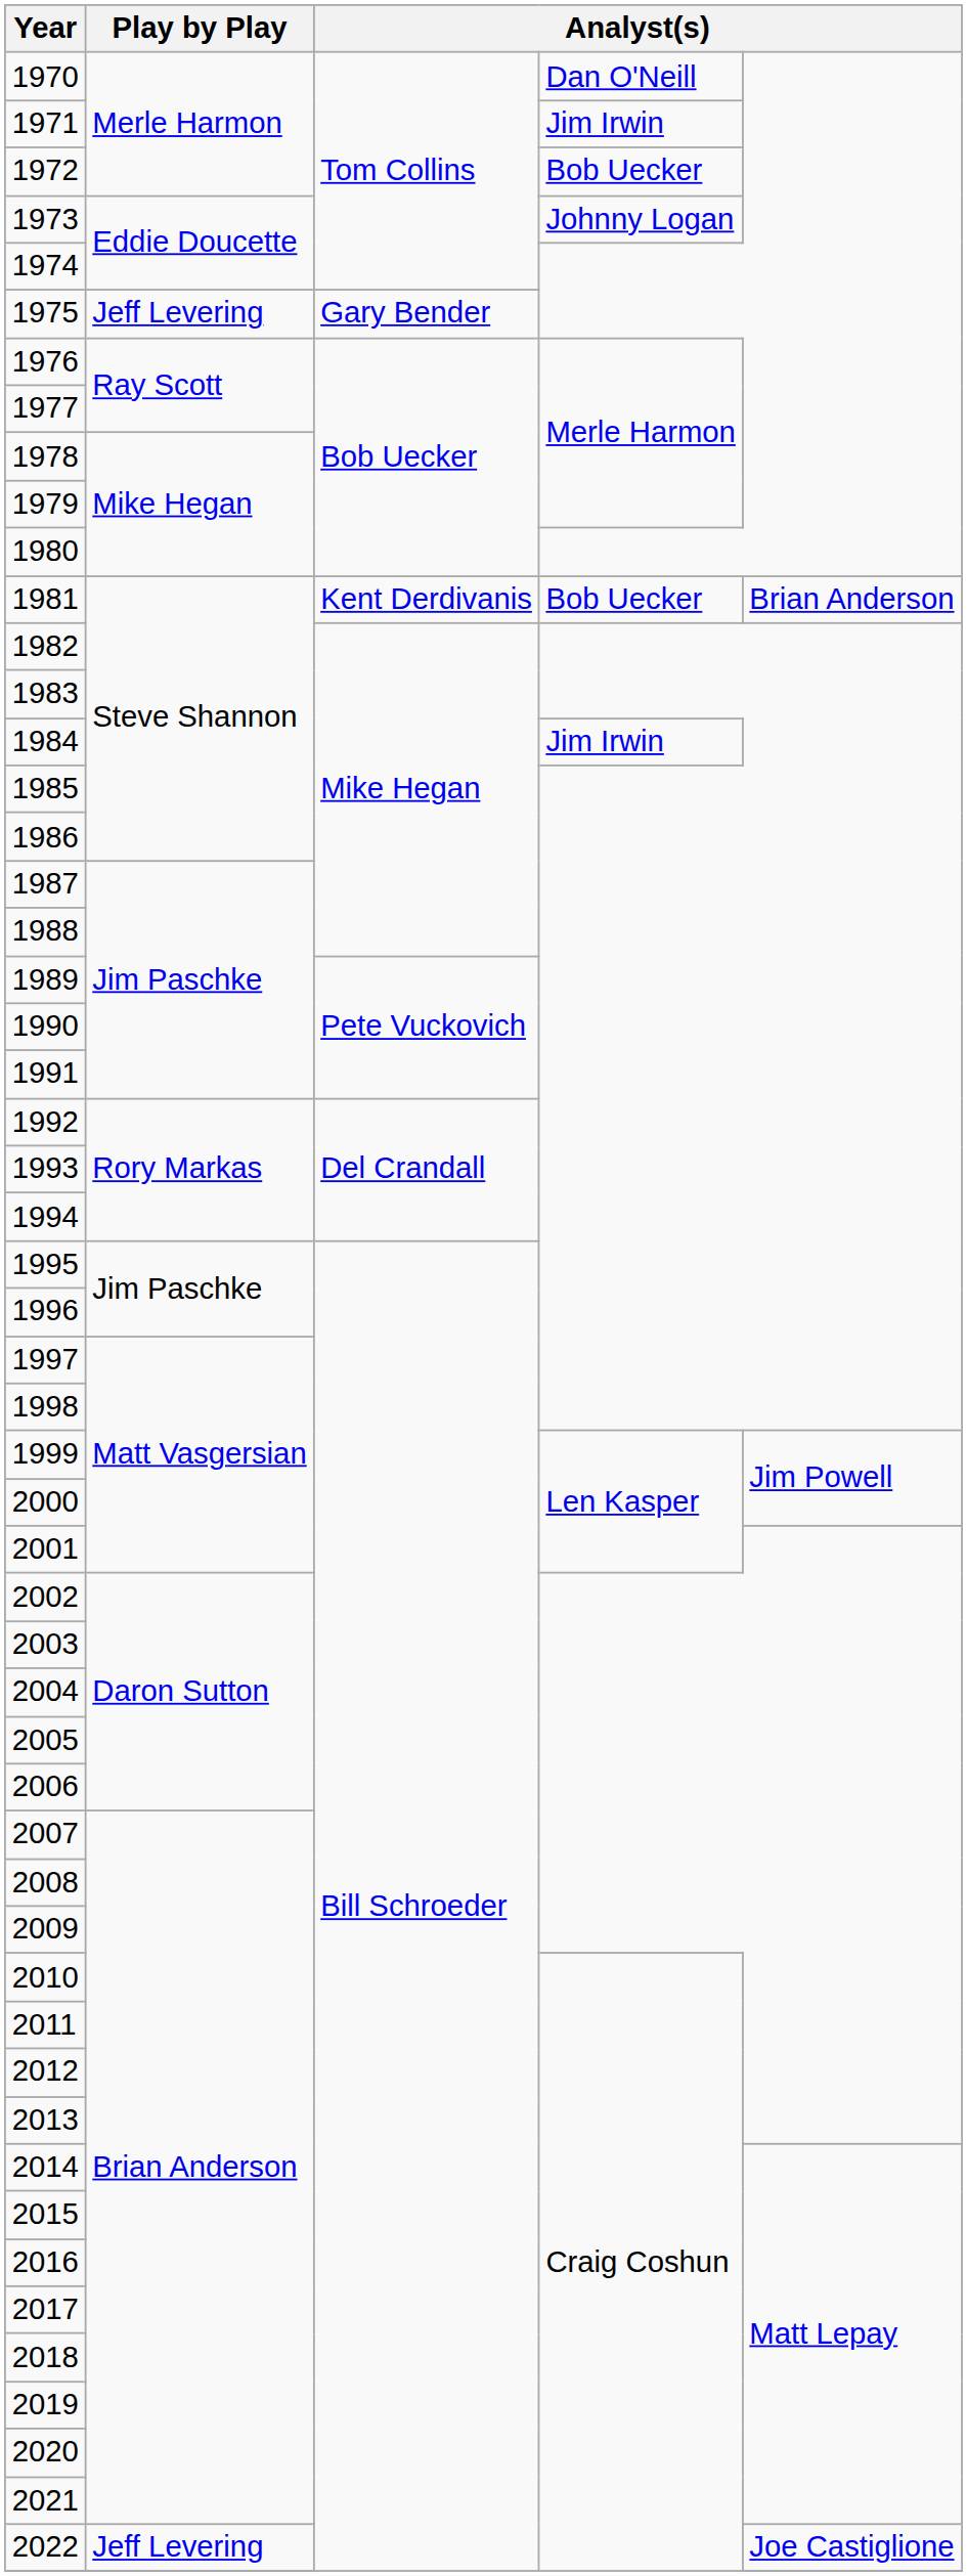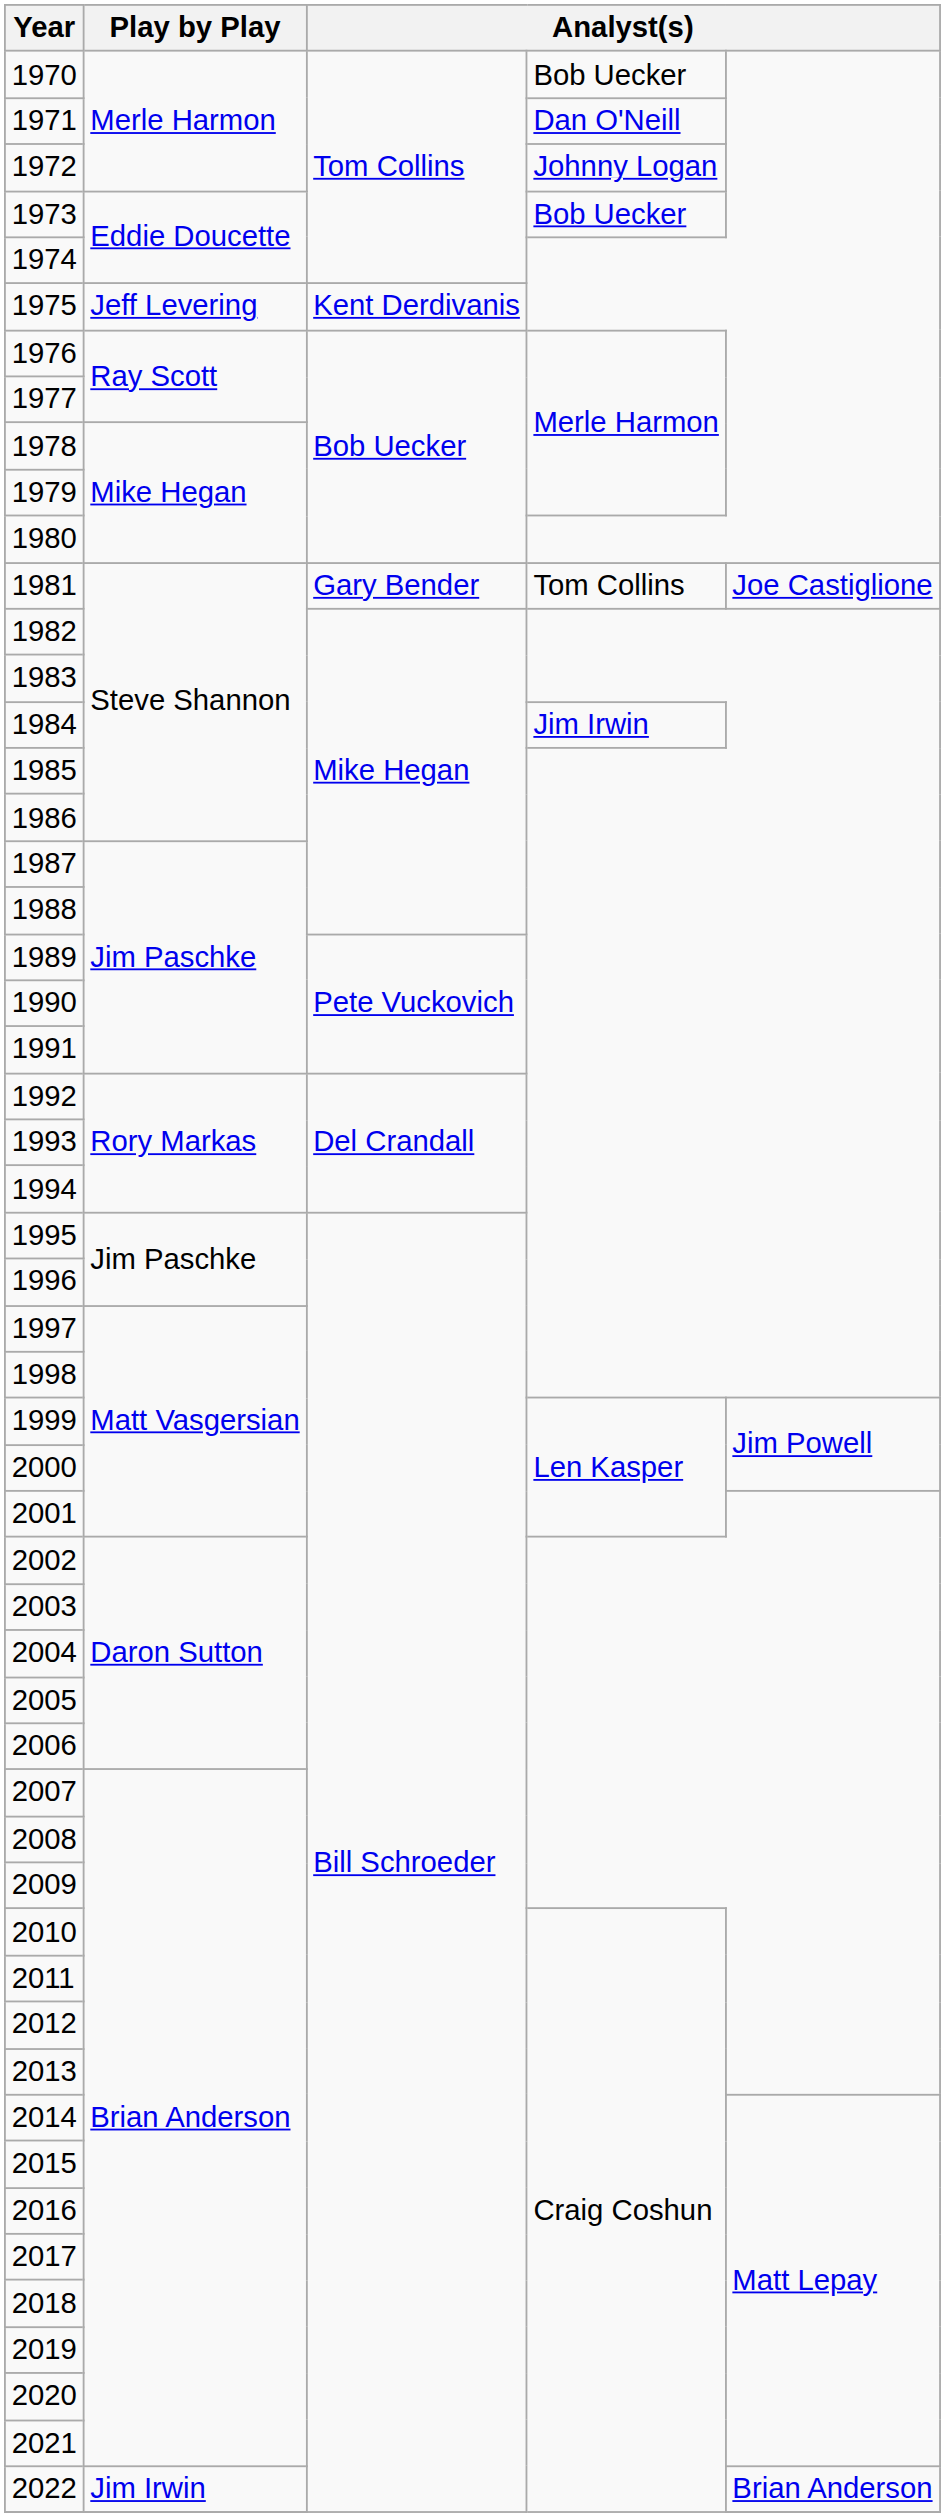 <table class=wikitable>
 <tr>
 <th>Year</th>
 <th>Play by Play</th>
 <th colspan=3>Analyst(s)</th>
 </tr>
 <tr>
 <td>1970</td>
 <td rowspan=3><a href='#'>Merle Harmon</a></td>
 <td rowspan=5><a href='#'>Tom Collins</a></td>
+<td rowspan=1>Bob Uecker</td>
+</tr>
+<tr>
+<td>1971</td>
 <td><a href='#'>Dan O'Neill</a></td>
 </tr>
 <tr>
-<td>1971</td>
-<td><a href='#'>Jim Irwin</a></td>
-</tr>
-<tr>
 <td>1972</td>
-<td><a href='#'>Bob Uecker</a></td>
+<td><a href='#'>Johnny Logan</a></td>
 </tr>
 <tr>
 <td>1973</td>
 <td rowspan=2><a href='#'>Eddie Doucette</a></td>
-<td><a href='#'>Johnny Logan</a></td>
+<td><a href='#'>Bob Uecker</a></td>
 </tr>
 <tr>
 <td>1974</td>
 </tr>
 <tr>
 <td>1975</td>
 <td><a href='#'>Jeff Levering</a></td>
-<td><a href='#'>Gary Bender</a></td>
+<td><a href='#'>Kent Derdivanis</a></td>
 </tr>
 <tr>
 <td>1976</td>
 <td rowspan=2><a href='#'>Ray Scott</a></td>
 <td rowspan=5><a href='#'>Bob Uecker</a></td>
 <td rowspan=4><a href='#'>Merle Harmon</a></td>
 </tr>
 <tr>
 <td>1977</td>
 </tr>
 <tr>
 <td>1978</td>
 <td rowspan=3><a href='#'>Mike Hegan</a></td>
 </tr>
 <tr>
 <td>1979</td>
 </tr>
 <tr>
 <td>1980</td>
 </tr>
 <tr>
 <td>1981</td>
 <td rowspan=6>Steve Shannon</td>
-<td><a href='#'>Kent Derdivanis</a></td>
-<td><a href='#'>Bob Uecker</a></td>
-<td><a href='#'>Brian Anderson</a></td>
+<td><a href='#'>Gary Bender</a></td>
+<td>Tom Collins</td>
+<td><a href='#'>Joe Castiglione</a></td>
 </tr>
 <tr>
 <td>1982</td>
 <td rowspan=7><a href='#'>Mike Hegan</a></td>
 </tr>
 <tr>
 <td>1983</td>
 </tr>
 <tr>
 <td>1984</td>
 <td><a href='#'>Jim Irwin</a></td>
 </tr>
 <tr>
 <td>1985</td>
 </tr>
 <tr>
 <td>1986</td>
 </tr>
 <tr>
 <td>1987</td>
 <td rowspan=5><a href='#'>Jim Paschke</a></td>
 </tr>
 <tr>
 <td>1988</td>
 </tr>
 <tr>
 <td>1989</td>
 <td rowspan=3><a href='#'>Pete Vuckovich</a></td>
 </tr>
 <tr>
 <td>1990</td>
 </tr>
 <tr>
 <td>1991</td>
 </tr>
 <tr>
 <td>1992</td>
 <td rowspan=3><a href='#'>Rory Markas</a></td>
 <td rowspan=3><a href='#'>Del Crandall</a></td>
 </tr>
 <tr>
 <td>1993</td>
 </tr>
 <tr>
 <td>1994</td>
 </tr>
 <tr>
 <td>1995</td>
 <td rowspan=2>Jim Paschke</td>
 <td rowspan=51><a href='#'>Bill Schroeder</a></td>
 </tr>
 <tr>
 <td>1996</td>
 </tr>
 <tr>
 <td>1997</td>
 <td rowspan=5><a href='#'>Matt Vasgersian</a></td>
 </tr>
 <tr>
 <td>1998</td>
 </tr>
 <tr>
 <td>1999</td>
 <td rowspan=3><a href='#'>Len Kasper</a></td>
 <td rowspan=2><a href='#'>Jim Powell</a></td>
 </tr>
 <tr>
 <td>2000</td>
 </tr>
 <tr>
 <td>2001</td>
 </tr>
 <tr>
 <td>2002</td>
 <td rowspan=5><a href='#'>Daron Sutton</a></td>
 </tr>
 <tr>
 <td>2003</td>
 </tr>
 <tr>
 <td>2004</td>
 </tr>
 <tr>
 <td>2005</td>
 </tr>
 <tr>
 <td>2006</td>
 </tr>
 <tr>
 <td>2007</td>
 <td rowspan=15><a href='#'>Brian Anderson</a></td>
 </tr>
 <tr>
 <td>2008</td>
 </tr>
 <tr>
 <td>2009</td>
 </tr>
 <tr>
 <td>2010</td>
 <td rowspan=57>Craig Coshun</td>
 </tr>
 <tr>
 <td>2011</td>
 </tr>
 <tr>
 <td>2012</td>
 </tr>
 <tr>
 <td>2013</td>
 </tr>
 <tr>
 <td>2014</td>
 <td rowspan=8><a href='#'>Matt Lepay</a></td>
 </tr>
 <tr>
 <td>2015</td>
 </tr>
 <tr>
 <td>2016</td>
 </tr>
 <tr>
 <td>2017</td>
 </tr>
 <tr>
 <td>2018</td>
 </tr>
 <tr>
 <td>2019</td>
 </tr>
 <tr>
 <td>2020</td>
 </tr>
 <tr>
 <td>2021</td>
 </tr>
 <tr>
 <td>2022</td>
-<td><a href='#'>Jeff Levering</a></td>
-<td><a href='#'>Joe Castiglione</a></td>
+<td><a href='#'>Jim Irwin</a></td>
+<td><a href='#'>Brian Anderson</a></td>
 </tr>
 <tr>
 </tr>
 </table>
